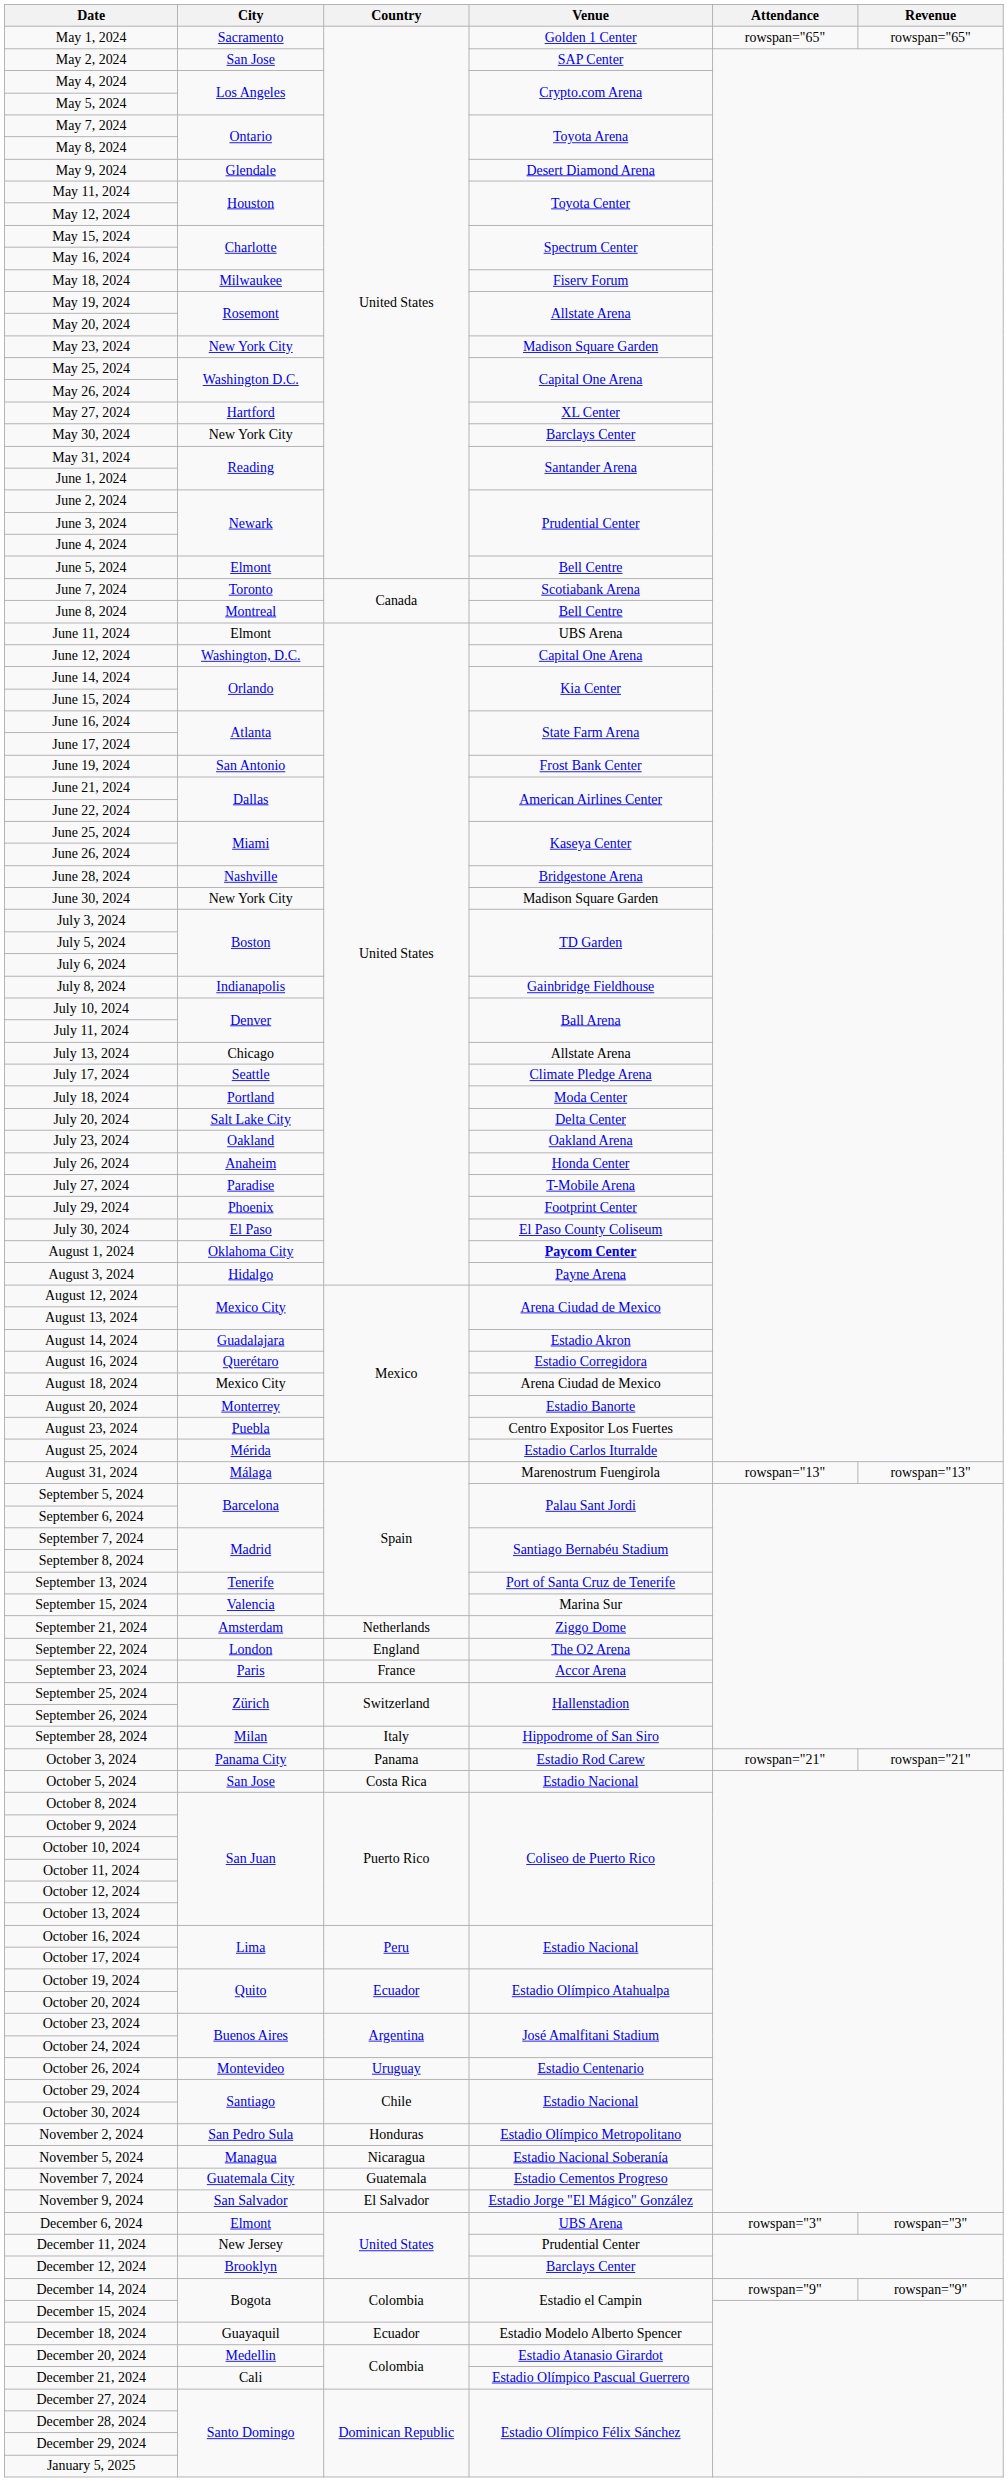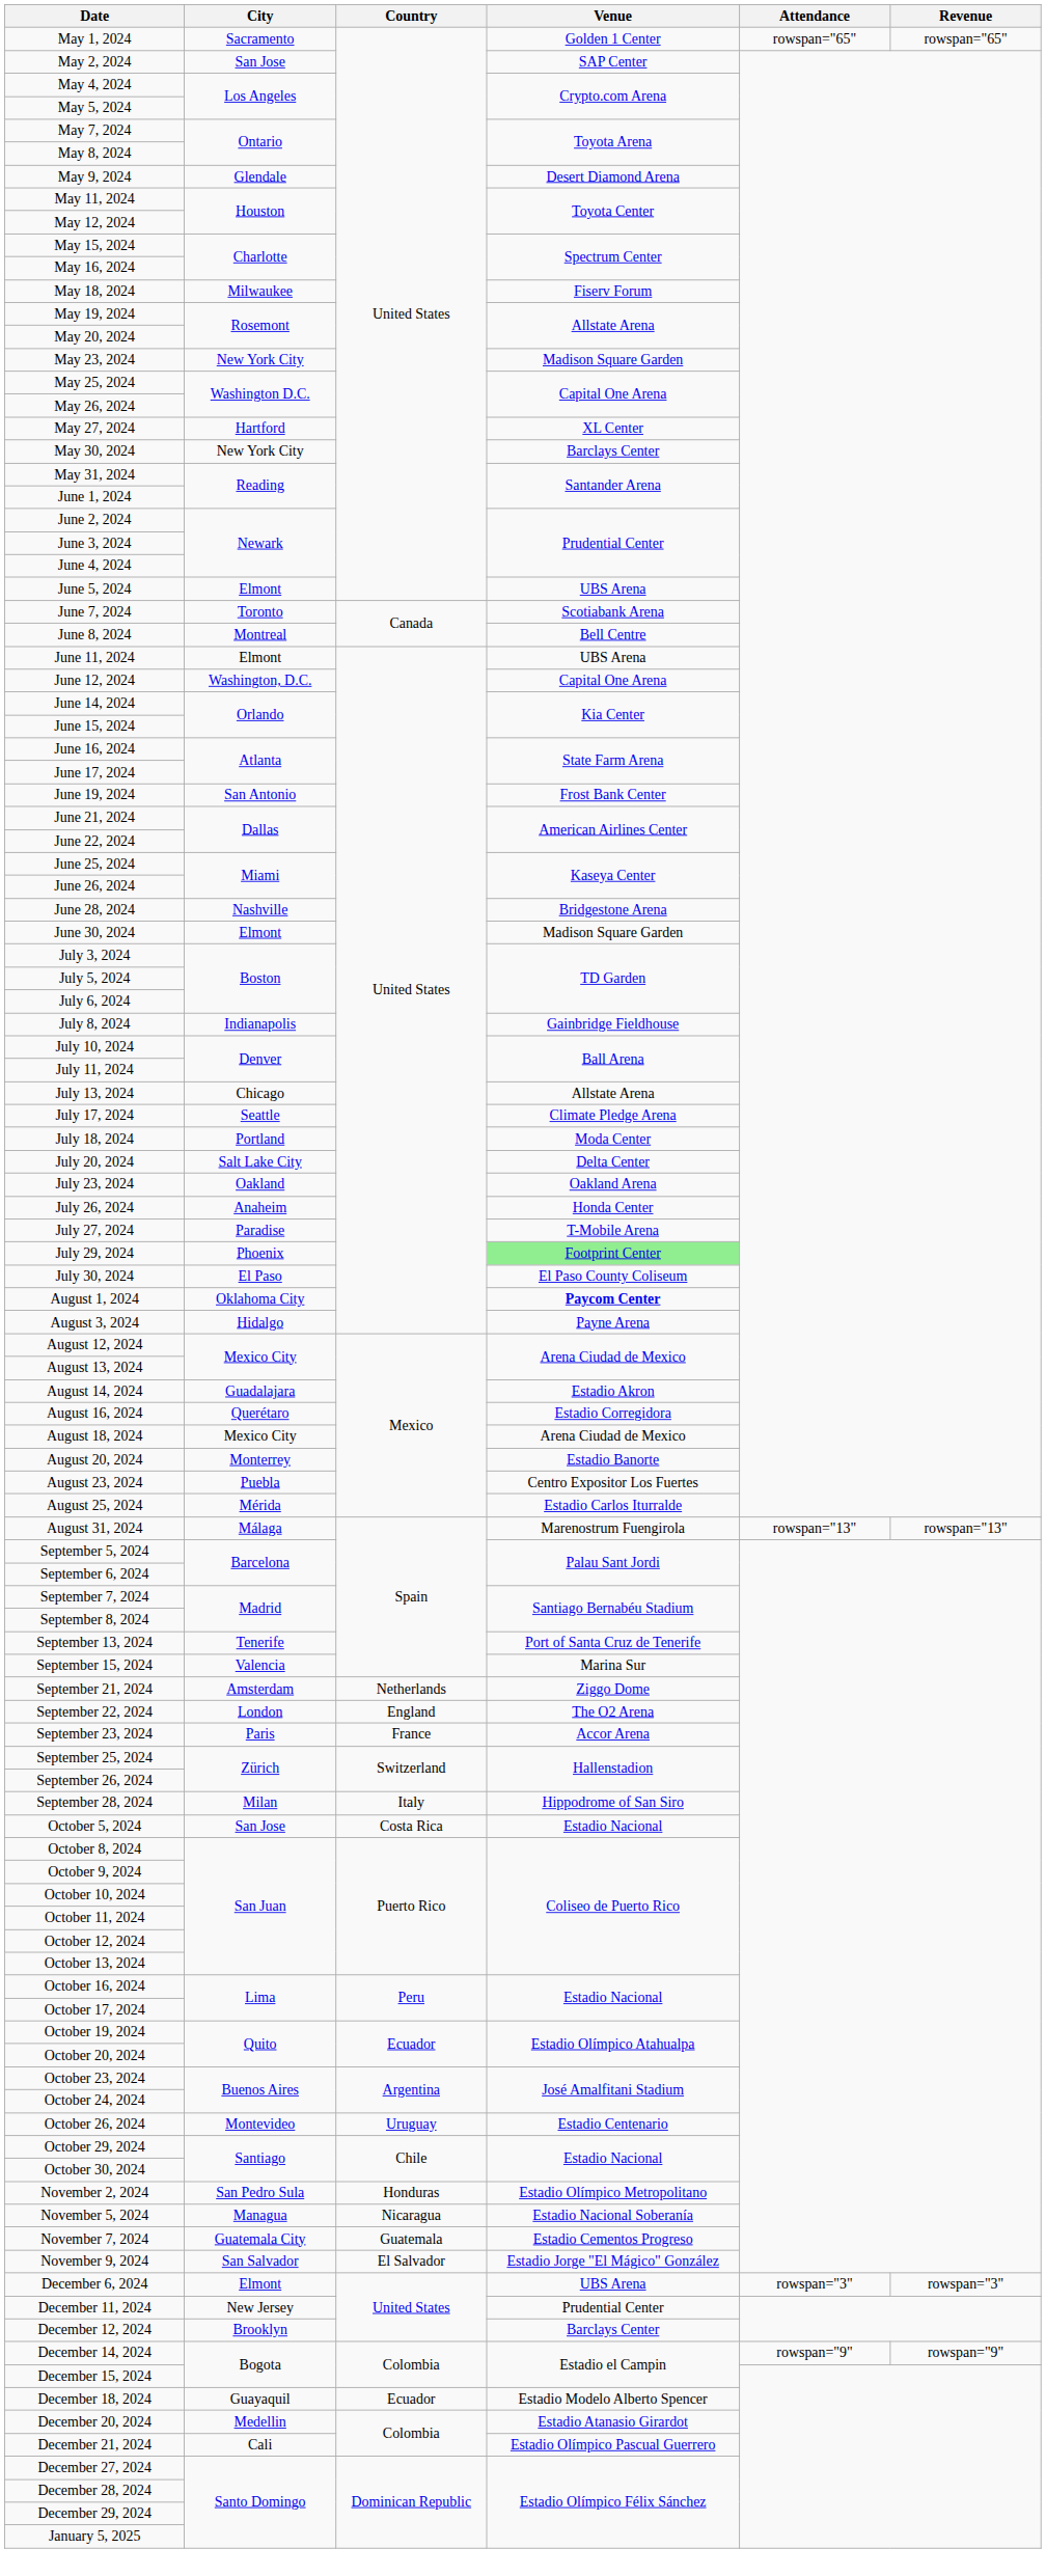 <table class="wikitable" style="text-align:center;">
 <tr>
 <th scope="col" style="width:12em;">Date</th>
 <th scope="col" style="width:10em;">City</th>
 <th scope="col" style="width:10em;">Country</th>
 <th scope="col" style="width:17em;">Venue</th>
 <th scope="col" style="width:10em;">Attendance</th>
 <th scope="col" style="width:10em;">Revenue</th>
 </tr>
 <tr>
 <td>May 1, 2024</td>
 <td><a href='#'>Sacramento</a></td>
 <td rowspan="25">United States</td>
 <td><a href='#'>Golden 1 Center</a></td>
 <td>rowspan="65" </td>
 <td>rowspan="65" </td>
 </tr>
 <tr>
 <td>May 2, 2024</td>
 <td><a href='#'>San Jose</a></td>
 <td><a href='#'>SAP Center</a></td>
 </tr>
 <tr>
 <td>May 4, 2024</td>
 <td rowspan="2"><a href='#'>Los Angeles</a></td>
 <td rowspan="2"><a href='#'>Crypto.com Arena</a></td>
 </tr>
 <tr>
 <td>May 5, 2024</td>
 </tr>
 <tr>
 <td>May 7, 2024</td>
 <td rowspan="2"><a href='#'>Ontario</a></td>
 <td rowspan="2"><a href='#'>Toyota Arena</a></td>
 </tr>
 <tr>
 <td>May 8, 2024</td>
 </tr>
 <tr>
 <td>May 9, 2024</td>
 <td><a href='#'>Glendale</a></td>
 <td><a href='#'>Desert Diamond Arena</a></td>
 </tr>
 <tr>
 <td>May 11, 2024</td>
 <td rowspan="2"><a href='#'>Houston</a></td>
 <td rowspan="2"><a href='#'>Toyota Center</a></td>
 </tr>
 <tr>
 <td>May 12, 2024</td>
 </tr>
 <tr>
 <td>May 15, 2024</td>
 <td rowspan="2"><a href='#'>Charlotte</a></td>
 <td rowspan="2"><a href='#'>Spectrum Center</a></td>
 </tr>
 <tr>
 <td>May 16, 2024</td>
 </tr>
 <tr>
 <td>May 18, 2024</td>
 <td><a href='#'>Milwaukee</a></td>
 <td><a href='#'>Fiserv Forum</a></td>
 </tr>
 <tr>
 <td>May 19, 2024</td>
 <td rowspan="2"><a href='#'>Rosemont</a></td>
 <td rowspan="2"><a href='#'>Allstate Arena</a></td>
 </tr>
 <tr>
 <td>May 20, 2024</td>
 </tr>
 <tr>
 <td>May 23, 2024</td>
 <td><a href='#'>New York City</a></td>
 <td><a href='#'>Madison Square Garden</a></td>
 </tr>
 <tr>
 <td>May 25, 2024</td>
 <td rowspan="2"><a href='#'>Washington D.C.</a></td>
 <td rowspan="2"><a href='#'>Capital One Arena</a></td>
 </tr>
 <tr>
 <td>May 26, 2024</td>
 </tr>
 <tr>
 <td>May 27, 2024</td>
 <td><a href='#'>Hartford</a></td>
 <td><a href='#'>XL Center</a></td>
 </tr>
 <tr>
 <td>May 30, 2024</td>
 <td>New York City</td>
 <td><a href='#'>Barclays Center</a></td>
 </tr>
 <tr>
 <td>May 31, 2024</td>
 <td rowspan="2"><a href='#'>Reading</a></td>
 <td rowspan="2"><a href='#'>Santander Arena</a></td>
 </tr>
 <tr>
 <td>June 1, 2024</td>
 </tr>
 <tr>
 <td>June 2, 2024</td>
 <td rowspan="3"><a href='#'>Newark</a></td>
 <td rowspan="3"><a href='#'>Prudential Center</a></td>
 </tr>
 <tr>
 <td>June 3, 2024</td>
 </tr>
 <tr>
 <td>June 4, 2024</td>
 </tr>
 <tr>
 <td>June 5, 2024</td>
 <td><a href='#'>Elmont</a></td>
-<td><a href='#'>Bell Centre</a></td>
+<td><a href='#'>UBS Arena</a></td>
 </tr>
 <tr>
 <td>June 7, 2024</td>
 <td><a href='#'>Toronto</a></td>
 <td rowspan="2">Canada</td>
 <td><a href='#'>Scotiabank Arena</a></td>
 </tr>
 <tr>
 <td>June 8, 2024</td>
 <td><a href='#'>Montreal</a></td>
 <td><a href='#'>Bell Centre</a></td>
 </tr>
 <tr>
 <td>June 11, 2024</td>
 <td>Elmont</td>
 <td rowspan="30">United States</td>
 <td>UBS Arena</td>
 </tr>
 <tr>
 <td>June 12, 2024</td>
 <td><a href='#'>Washington, D.C.</a></td>
 <td><a href='#'>Capital One Arena</a></td>
 </tr>
 <tr>
 <td>June 14, 2024</td>
 <td rowspan="2"><a href='#'>Orlando</a></td>
 <td rowspan="2"><a href='#'>Kia Center</a></td>
 </tr>
 <tr>
 <td>June 15, 2024</td>
 </tr>
 <tr>
 <td>June 16, 2024</td>
 <td rowspan="2"><a href='#'>Atlanta</a></td>
 <td rowspan="2"><a href='#'>State Farm Arena</a></td>
 </tr>
 <tr>
 <td>June 17, 2024</td>
 </tr>
 <tr>
 <td>June 19, 2024</td>
 <td><a href='#'>San Antonio</a></td>
 <td><a href='#'>Frost Bank Center</a></td>
 </tr>
 <tr>
 <td>June 21, 2024</td>
 <td rowspan="2"><a href='#'>Dallas</a></td>
 <td rowspan="2"><a href='#'>American Airlines Center</a></td>
 </tr>
 <tr>
 <td>June 22, 2024</td>
 </tr>
 <tr>
 <td>June 25, 2024</td>
 <td rowspan="2"><a href='#'>Miami</a></td>
 <td rowspan="2"><a href='#'>Kaseya Center</a></td>
 </tr>
 <tr>
 <td>June 26, 2024</td>
 </tr>
 <tr>
 <td>June 28, 2024</td>
 <td><a href='#'>Nashville</a></td>
 <td><a href='#'>Bridgestone Arena</a></td>
 </tr>
 <tr>
 <td>June 30, 2024</td>
-<td>New York City</td>
+<td><a href='#'>Elmont</a></td>
 <td>Madison Square Garden</td>
 </tr>
 <tr>
 <td>July 3, 2024</td>
 <td rowspan="3"><a href='#'>Boston</a></td>
 <td rowspan="3"><a href='#'>TD Garden</a></td>
 </tr>
 <tr>
 <td>July 5, 2024</td>
 </tr>
 <tr>
 <td>July 6, 2024</td>
 </tr>
 <tr>
 <td>July 8, 2024</td>
 <td><a href='#'>Indianapolis</a></td>
 <td><a href='#'>Gainbridge Fieldhouse</a></td>
 </tr>
 <tr>
 <td>July 10, 2024</td>
 <td rowspan="2"><a href='#'>Denver</a></td>
 <td rowspan="2"><a href='#'>Ball Arena</a></td>
 </tr>
 <tr>
 <td>July 11, 2024</td>
 </tr>
 <tr>
 <td>July 13, 2024</td>
 <td>Chicago</td>
 <td>Allstate Arena</td>
 </tr>
 <tr>
 <td>July 17, 2024</td>
 <td><a href='#'>Seattle</a></td>
 <td><a href='#'>Climate Pledge Arena</a></td>
 </tr>
 <tr>
 <td>July 18, 2024</td>
 <td><a href='#'>Portland</a></td>
 <td><a href='#'>Moda Center</a></td>
 </tr>
 <tr>
 <td>July 20, 2024</td>
 <td><a href='#'>Salt Lake City</a></td>
 <td><a href='#'>Delta Center</a></td>
 </tr>
 <tr>
 <td>July 23, 2024</td>
 <td><a href='#'>Oakland</a></td>
 <td><a href='#'>Oakland Arena</a></td>
 </tr>
 <tr>
 <td>July 26, 2024</td>
 <td><a href='#'>Anaheim</a></td>
 <td><a href='#'>Honda Center</a></td>
 </tr>
 <tr>
 <td>July 27, 2024</td>
 <td><a href='#'>Paradise</a></td>
 <td><a href='#'>T-Mobile Arena</a></td>
 </tr>
 <tr>
 <td>July 29, 2024</td>
 <td><a href='#'>Phoenix</a></td>
-<td><a href='#'>Footprint Center</a></td>
+<td style="background: lightgreen;"><a href='#'>Footprint Center</a></td>
 </tr>
 <tr>
 <td>July 30, 2024</td>
 <td><a href='#'>El Paso</a></td>
 <td><a href='#'>El Paso County Coliseum</a></td>
 </tr>
 <tr>
 <td>August 1, 2024</td>
 <td><a href='#'>Oklahoma City</a></td>
 <td><strong><a href='#'>Paycom Center</a></strong></td>
 </tr>
 <tr>
 <td>August 3, 2024</td>
 <td><a href='#'>Hidalgo</a></td>
 <td><a href='#'>Payne Arena</a></td>
 </tr>
 <tr>
 <td>August 12, 2024</td>
 <td rowspan="2"><a href='#'>Mexico City</a></td>
 <td rowspan="8">Mexico</td>
 <td rowspan="2"><a href='#'>Arena Ciudad de Mexico</a></td>
 </tr>
 <tr>
 <td>August 13, 2024</td>
 </tr>
 <tr>
 <td>August 14, 2024</td>
 <td><a href='#'>Guadalajara</a></td>
 <td><a href='#'>Estadio Akron</a></td>
 </tr>
 <tr>
 <td>August 16, 2024</td>
 <td><a href='#'>Querétaro</a></td>
 <td><a href='#'>Estadio Corregidora</a></td>
 </tr>
 <tr>
 <td>August 18, 2024</td>
 <td>Mexico City</td>
 <td>Arena Ciudad de Mexico</td>
 </tr>
 <tr>
 <td>August 20, 2024</td>
 <td><a href='#'>Monterrey</a></td>
 <td><a href='#'>Estadio Banorte</a></td>
 </tr>
 <tr>
 <td>August 23, 2024</td>
 <td><a href='#'>Puebla</a></td>
 <td>Centro Expositor Los Fuertes</td>
 </tr>
 <tr>
 <td>August 25, 2024</td>
 <td><a href='#'>Mérida</a></td>
 <td><a href='#'>Estadio Carlos Iturralde</a></td>
 </tr>
 <tr>
 <td>August 31, 2024</td>
 <td><a href='#'>Málaga</a></td>
 <td rowspan="7">Spain</td>
 <td>Marenostrum Fuengirola</td>
 <td>rowspan="13" </td>
 <td>rowspan="13" </td>
 </tr>
 <tr>
 <td>September 5, 2024</td>
 <td rowspan="2"><a href='#'>Barcelona</a></td>
 <td rowspan="2"><a href='#'>Palau Sant Jordi</a></td>
 </tr>
 <tr>
 <td>September 6, 2024</td>
 </tr>
 <tr>
 <td>September 7, 2024</td>
 <td rowspan="2"><a href='#'>Madrid</a></td>
 <td rowspan="2"><a href='#'>Santiago Bernabéu Stadium</a></td>
 </tr>
 <tr>
 <td>September 8, 2024</td>
 </tr>
 <tr>
 <td>September 13, 2024</td>
 <td><a href='#'>Tenerife</a></td>
 <td><a href='#'>Port of Santa Cruz de Tenerife</a></td>
 </tr>
 <tr>
 <td>September 15, 2024</td>
 <td><a href='#'>Valencia</a></td>
 <td>Marina Sur</td>
 </tr>
 <tr>
 <td>September 21, 2024</td>
 <td><a href='#'>Amsterdam</a></td>
 <td>Netherlands</td>
 <td><a href='#'>Ziggo Dome</a></td>
 </tr>
 <tr>
 <td>September 22, 2024</td>
 <td><a href='#'>London</a></td>
 <td>England</td>
 <td><a href='#'>The O2 Arena</a></td>
 </tr>
 <tr>
 <td>September 23, 2024</td>
 <td><a href='#'>Paris</a></td>
 <td>France</td>
 <td><a href='#'>Accor Arena</a></td>
 </tr>
 <tr>
 <td>September 25, 2024</td>
 <td rowspan="2"><a href='#'>Zürich</a></td>
 <td rowspan="2">Switzerland</td>
 <td rowspan="2"><a href='#'>Hallenstadion</a></td>
 </tr>
 <tr>
 <td>September 26, 2024</td>
 </tr>
 <tr>
 <td>September 28, 2024</td>
 <td><a href='#'>Milan</a></td>
 <td>Italy</td>
 <td><a href='#'>Hippodrome of San Siro</a></td>
-</tr>
-<tr>
-<td>October 3, 2024</td>
-<td><a href='#'>Panama City</a></td>
-<td>Panama</td>
-<td><a href='#'>Estadio Rod Carew</a></td>
-<td>rowspan="21" </td>
-<td>rowspan="21" </td>
 </tr>
 <tr>
 <td>October 5, 2024</td>
 <td><a href='#'>San Jose</a></td>
 <td>Costa Rica</td>
 <td><a href='#'>Estadio Nacional</a></td>
 </tr>
 <tr>
 <td>October 8, 2024</td>
 <td rowspan="6"><a href='#'>San Juan</a></td>
 <td rowspan="6">Puerto Rico</td>
 <td rowspan="6"><a href='#'>Coliseo de Puerto Rico</a></td>
 </tr>
 <tr>
 <td>October 9, 2024</td>
 </tr>
 <tr>
 <td>October 10, 2024</td>
 </tr>
 <tr>
 <td>October 11, 2024</td>
 </tr>
 <tr>
 <td>October 12, 2024</td>
 </tr>
 <tr>
 <td>October 13, 2024</td>
 </tr>
 <tr>
 <td>October 16, 2024</td>
 <td rowspan="2"><a href='#'>Lima</a></td>
 <td rowspan="2"><a href='#'>Peru</a></td>
 <td rowspan="2"><a href='#'>Estadio Nacional</a></td>
 </tr>
 <tr>
 <td>October 17, 2024</td>
 </tr>
 <tr>
 <td>October 19, 2024</td>
 <td rowspan="2"><a href='#'>Quito</a></td>
 <td rowspan="2"><a href='#'>Ecuador</a></td>
 <td rowspan="2"><a href='#'>Estadio Olímpico Atahualpa</a></td>
 </tr>
 <tr>
 <td>October 20, 2024</td>
 </tr>
 <tr>
 <td>October 23, 2024</td>
 <td rowspan="2"><a href='#'>Buenos Aires</a></td>
 <td rowspan="2"><a href='#'>Argentina</a></td>
 <td rowspan="2"><a href='#'>José Amalfitani Stadium</a></td>
 </tr>
 <tr>
 <td>October 24, 2024</td>
 </tr>
 <tr>
 <td>October 26, 2024</td>
 <td><a href='#'>Montevideo</a></td>
 <td><a href='#'>Uruguay</a></td>
 <td><a href='#'>Estadio Centenario</a></td>
 </tr>
 <tr>
 <td>October 29, 2024</td>
 <td rowspan="2"><a href='#'>Santiago</a></td>
 <td rowspan="2">Chile</td>
 <td rowspan="2"><a href='#'>Estadio Nacional</a></td>
 </tr>
 <tr>
 <td>October 30, 2024</td>
 </tr>
 <tr>
 <td>November 2, 2024 </td>
 <td><a href='#'>San Pedro Sula</a></td>
 <td>Honduras</td>
 <td><a href='#'>Estadio Olímpico Metropolitano</a></td>
 </tr>
 <tr>
 <td>November 5, 2024</td>
 <td><a href='#'>Managua</a></td>
 <td>Nicaragua</td>
 <td><a href='#'>Estadio Nacional Soberanía</a></td>
 </tr>
 <tr>
 <td>November 7, 2024</td>
 <td><a href='#'>Guatemala City</a></td>
 <td>Guatemala</td>
 <td><a href='#'>Estadio Cementos Progreso</a></td>
 </tr>
 <tr>
 <td>November 9, 2024</td>
 <td><a href='#'>San Salvador</a></td>
 <td>El Salvador</td>
 <td><a href='#'>Estadio Jorge "El Mágico" González</a></td>
 </tr>
 <tr>
 <td>December 6, 2024</td>
 <td><a href='#'>Elmont</a></td>
 <td rowspan="3"><a href='#'>United States</a></td>
 <td><a href='#'>UBS Arena</a></td>
 <td>rowspan="3" </td>
 <td>rowspan="3" </td>
 </tr>
 <tr>
 <td>December 11, 2024</td>
 <td>New Jersey</td>
 <td>Prudential Center</td>
 </tr>
 <tr>
 <td>December 12, 2024</td>
 <td><a href='#'>Brooklyn</a></td>
 <td><a href='#'>Barclays Center</a></td>
 </tr>
 <tr>
 <td>December 14, 2024</td>
 <td rowspan="2">Bogota</td>
 <td rowspan="2">Colombia</td>
 <td rowspan="2">Estadio el Campin</td>
 <td>rowspan="9" </td>
 <td>rowspan="9" </td>
 </tr>
 <tr>
 <td>December 15, 2024</td>
 </tr>
 <tr>
 <td>December 18, 2024</td>
 <td>Guayaquil</td>
 <td>Ecuador</td>
 <td>Estadio Modelo Alberto Spencer</td>
 </tr>
 <tr>
 <td>December 20, 2024</td>
 <td><a href='#'>Medellin</a></td>
 <td rowspan="2">Colombia</td>
 <td><a href='#'>Estadio Atanasio Girardot</a></td>
 </tr>
 <tr>
 <td>December 21, 2024</td>
 <td>Cali</td>
 <td><a href='#'>Estadio Olímpico Pascual Guerrero</a></td>
 </tr>
 <tr>
 <td>December 27, 2024</td>
 <td rowspan="4"><a href='#'>Santo Domingo</a></td>
 <td rowspan="4"><a href='#'>Dominican Republic</a></td>
 <td rowspan="4"><a href='#'>Estadio Olímpico Félix Sánchez</a></td>
 </tr>
 <tr>
 <td>December 28, 2024</td>
 </tr>
 <tr>
 <td>December 29, 2024</td>
 </tr>
 <tr>
 <td>January 5, 2025</td>
 </tr>
 </table>
